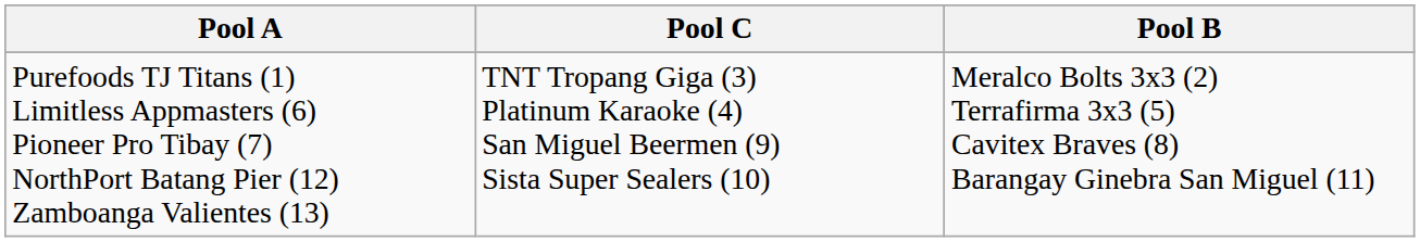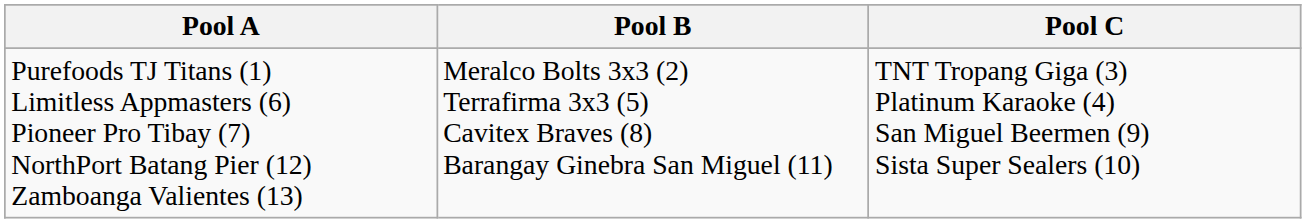 <table class=wikitable width=750>
 <tr>
 <th width=33%>Pool A</th>
+<th width=33%>Pool B</th>
 <th width=33%>Pool C</th>
-<th width=33%>Pool B</th>
 </tr>
 <tr valign=top>
 <td>Purefoods TJ Titans (1) <br> Limitless Appmasters (6) <br> Pioneer Pro Tibay (7) <br> NorthPort Batang Pier (12) <br> Zamboanga Valientes (13)</td>
+<td>Meralco Bolts 3x3 (2) <br> Terrafirma 3x3 (5) <br> Cavitex Braves (8) <br> Barangay Ginebra San Miguel (11)</td>
 <td>TNT Tropang Giga (3) <br> Platinum Karaoke (4) <br> San Miguel Beermen (9) <br> Sista Super Sealers (10)</td>
-<td>Meralco Bolts 3x3 (2) <br> Terrafirma 3x3 (5) <br> Cavitex Braves (8) <br> Barangay Ginebra San Miguel (11)</td>
 </tr>
 </table>
